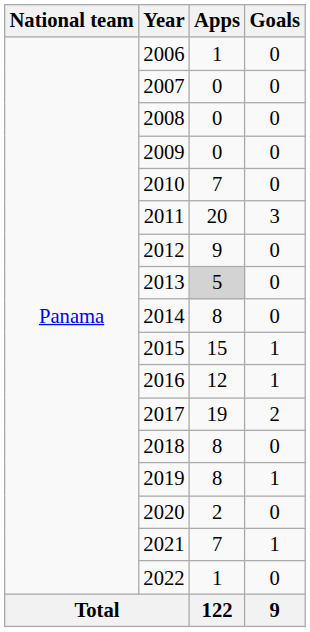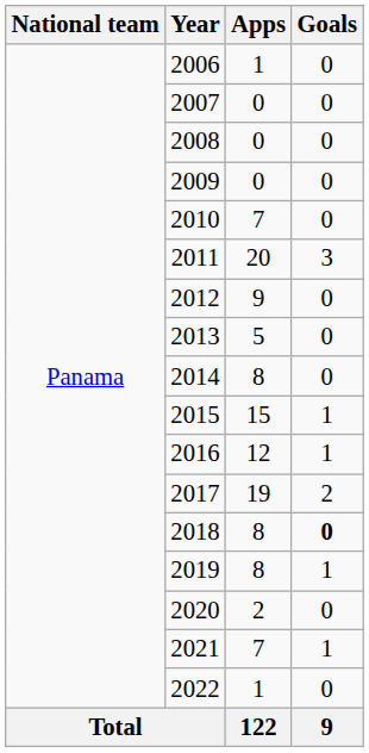 <table class="wikitable" style="text-align:center">
 <tr>
 <th>National team</th>
 <th>Year</th>
 <th>Apps</th>
 <th>Goals</th>
 </tr>
 <tr>
 <td rowspan="17"><a href='#'>Panama</a></td>
 <td>2006</td>
 <td>1</td>
 <td>0</td>
 </tr>
 <tr>
 <td>2007</td>
 <td>0</td>
 <td>0</td>
 </tr>
 <tr>
 <td>2008</td>
 <td>0</td>
 <td>0</td>
 </tr>
 <tr>
 <td>2009</td>
 <td>0</td>
 <td>0</td>
 </tr>
 <tr>
 <td>2010</td>
 <td>7</td>
 <td>0</td>
 </tr>
 <tr>
 <td>2011</td>
 <td>20</td>
 <td>3</td>
 </tr>
 <tr>
 <td>2012</td>
 <td>9</td>
 <td>0</td>
 </tr>
 <tr>
 <td>2013</td>
-<td style="background: lightgrey;">5</td>
+<td>5</td>
 <td>0</td>
 </tr>
 <tr>
 <td>2014</td>
 <td>8</td>
 <td>0</td>
 </tr>
 <tr>
 <td>2015</td>
 <td>15</td>
 <td>1</td>
 </tr>
 <tr>
 <td>2016</td>
 <td>12</td>
 <td>1</td>
 </tr>
 <tr>
 <td>2017</td>
 <td>19</td>
 <td>2</td>
 </tr>
 <tr>
 <td>2018</td>
 <td>8</td>
-<td>0</td>
+<td><strong>0</strong></td>
 </tr>
 <tr>
 <td>2019</td>
 <td>8</td>
 <td>1</td>
 </tr>
 <tr>
 <td>2020</td>
 <td>2</td>
 <td>0</td>
 </tr>
 <tr>
 <td>2021</td>
 <td>7</td>
 <td>1</td>
 </tr>
 <tr>
 <td>2022</td>
 <td>1</td>
 <td>0</td>
 </tr>
 <tr>
 <th colspan="2">Total</th>
 <th>122</th>
 <th>9</th>
 </tr>
 </table>
